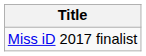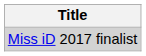 <table class="wikitable">
 <tr>
 <th>Title</th>
 </tr>
 <tr>
-<td><a href='#'>Miss iD</a> 2017 finalist</td>
+<td style="background: lightgrey;"><a href='#'>Miss iD</a> 2017 finalist</td>
 </tr>
 </table>
